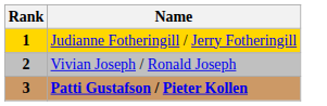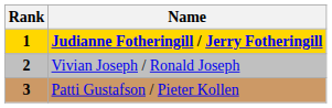 <table class="wikitable">
 <tr>
 <th>Rank</th>
 <th>Name</th>
 </tr>
 <tr bgcolor="gold">
 <td align="center"><strong>1</strong></td>
-<td><a href='#'>Judianne Fotheringill</a> / <a href='#'>Jerry Fotheringill</a></td>
+<td><strong><a href='#'>Judianne Fotheringill</a> / <a href='#'>Jerry Fotheringill</a></strong></td>
 </tr>
 <tr bgcolor="silver">
 <td align="center"><strong>2</strong></td>
 <td><a href='#'>Vivian Joseph</a> / <a href='#'>Ronald Joseph</a></td>
 </tr>
 <tr bgcolor="cc9966">
 <td align="center"><strong>3</strong></td>
-<td><strong><a href='#'>Patti Gustafson</a> / <a href='#'>Pieter Kollen</a></strong></td>
+<td><a href='#'>Patti Gustafson</a> / <a href='#'>Pieter Kollen</a></td>
 </tr>
 </table>
